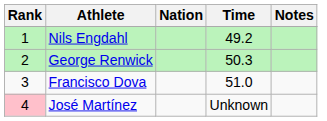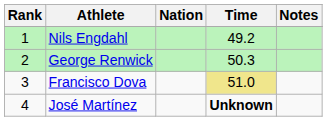 <table class="wikitable sortable" style="text-align:center">
 <tr>
 <th>Rank</th>
 <th>Athlete</th>
 <th>Nation</th>
 <th>Time</th>
 <th>Notes</th>
 </tr>
 <tr>
 </tr>
 <tr bgcolor=bbf3bb>
 <td>1</td>
 <td align=left><a href='#'>Nils Engdahl</a></td>
 <td align=left></td>
 <td>49.2</td>
 <td></td>
 </tr>
 <tr bgcolor=bbf3bb>
 <td>2</td>
 <td align=left><a href='#'>George Renwick</a></td>
 <td align=left></td>
 <td>50.3</td>
 <td></td>
 </tr>
 <tr>
 <td>3</td>
 <td align=left><a href='#'>Francisco Dova</a></td>
 <td align=left></td>
-<td>51.0</td>
+<td style="background: khaki;">51.0</td>
 <td></td>
 </tr>
 <tr>
-<td style="background: pink;">4</td>
+<td>4</td>
 <td align=left><a href='#'>José Martínez</a></td>
 <td align=left></td>
-<td>Unknown</td>
+<td><strong>Unknown</strong></td>
 <td></td>
 </tr>
 </table>
